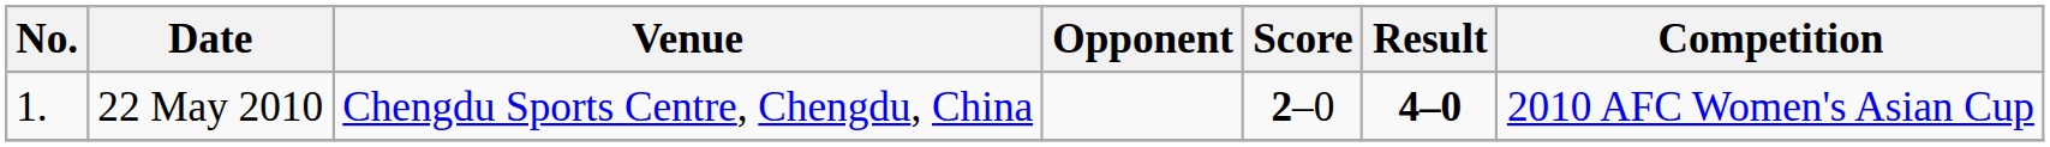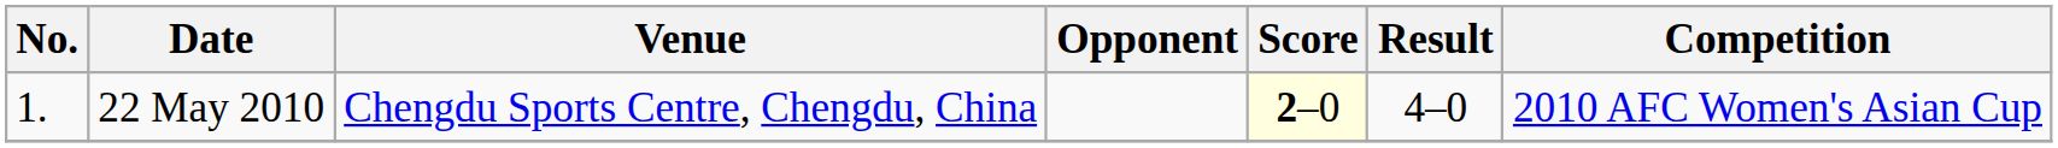 <table class="wikitable">
 <tr>
 <th>No.</th>
 <th>Date</th>
 <th>Venue</th>
 <th>Opponent</th>
 <th>Score</th>
 <th>Result</th>
 <th>Competition</th>
 </tr>
 <tr>
 <td>1.</td>
 <td>22 May 2010</td>
 <td><a href='#'>Chengdu Sports Centre</a>, <a href='#'>Chengdu</a>, <a href='#'>China</a></td>
 <td></td>
-<td align=center><strong>2</strong>–0</td>
-<td align=center><strong>4–0</strong></td>
+<td align=center style="background: lightyellow;"><strong>2</strong>–0</td>
+<td align=center>4–0</td>
 <td><a href='#'>2010 AFC Women's Asian Cup</a></td>
 </tr>
 <tr>
 </tr>
 </table>
